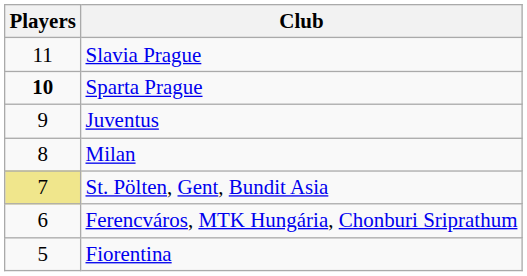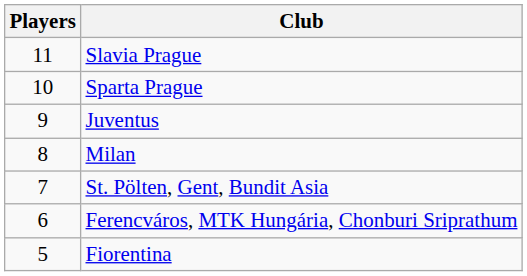 <table class="wikitable">
 <tr>
 <th>Players</th>
 <th>Club</th>
 </tr>
 <tr>
 <td align="center">11</td>
 <td> <a href='#'>Slavia Prague</a></td>
 </tr>
 <tr>
-<td align="center"><strong>10</strong></td>
+<td align="center">10</td>
 <td> <a href='#'>Sparta Prague</a></td>
 </tr>
 <tr>
 <td align="center">9</td>
 <td> <a href='#'>Juventus</a></td>
 </tr>
 <tr>
 <td align="center">8</td>
 <td> <a href='#'>Milan</a></td>
 </tr>
 <tr>
-<td align="center" style="background: khaki;">7</td>
+<td align="center">7</td>
 <td> <a href='#'>St. Pölten</a>,  <a href='#'>Gent</a>,  <a href='#'>Bundit Asia</a></td>
 </tr>
 <tr>
 <td align="center">6</td>
 <td> <a href='#'>Ferencváros</a>,  <a href='#'>MTK Hungária</a>,  <a href='#'>Chonburi Sriprathum</a></td>
 </tr>
 <tr>
 <td align="center">5</td>
 <td> <a href='#'>Fiorentina</a></td>
 </tr>
 </table>
